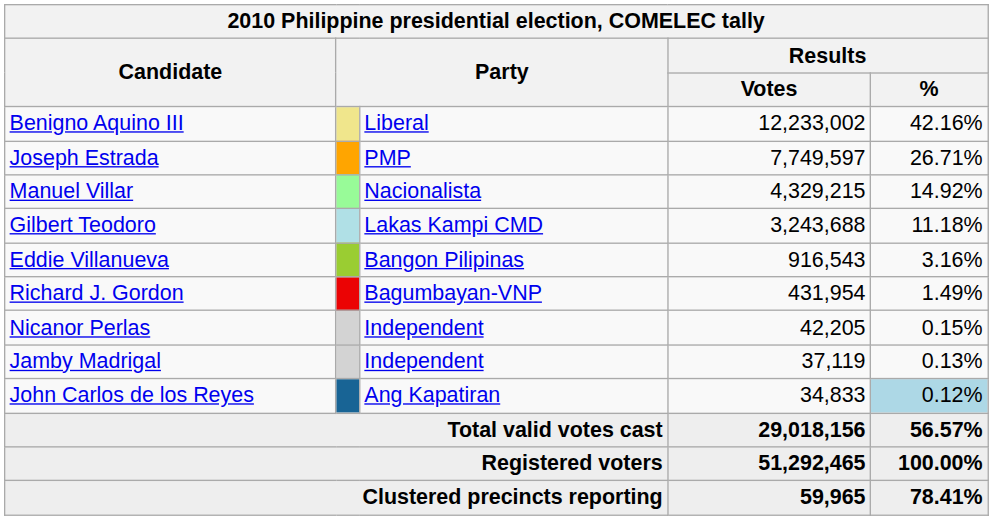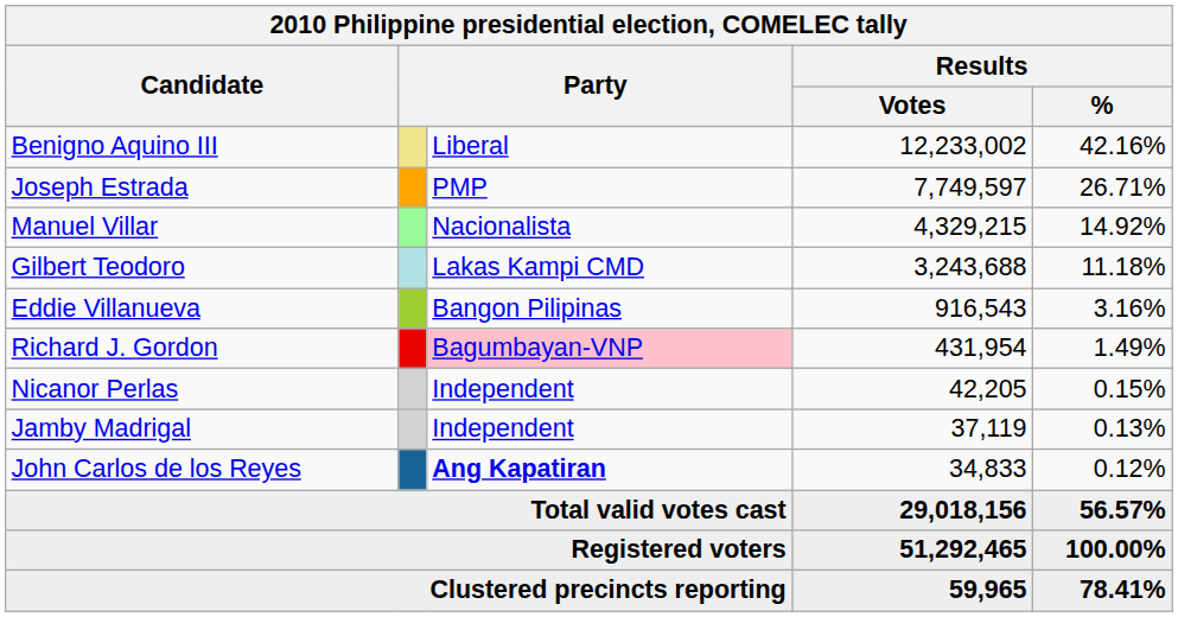 <table class="wikitable">
 <tr>
 <th colspan="5">2010 Philippine presidential election, COMELEC tally</th>
 </tr>
 <tr style="text-align:center;">
 <th rowspan="2" style="width: 15em">Candidate</th>
 <th rowspan="2" colspan="2" style="width: 15em">Party</th>
 <th style="width: 14em" colspan="2">Results</th>
 </tr>
 <tr style="text-align:center;">
 <th style="width: 9em">Votes</th>
 <th style="width: 5em">%</th>
 </tr>
 <tr>
 <td><a href='#'>Benigno Aquino III</a></td>
 <th style="background:khaki; width:3px;"></th>
 <td style="width: 130px"><a href='#'>Liberal</a></td>
 <td style="text-align:right;">12,233,002</td>
 <td style="text-align:right;">42.16%</td>
 </tr>
 <tr>
 <td><a href='#'>Joseph Estrada</a></td>
 <th style="background:orange; width:3px;"></th>
 <td style="width: 130px"><a href='#'>PMP</a></td>
 <td style="text-align:right;">7,749,597</td>
 <td style="text-align:right;">26.71%</td>
 </tr>
 <tr>
 <td><a href='#'>Manuel Villar</a></td>
 <th style="background:#98fb98; width:3px;"></th>
 <td style="width: 130px"><a href='#'>Nacionalista</a></td>
 <td style="text-align:right;">4,329,215</td>
 <td style="text-align:right;">14.92%</td>
 </tr>
 <tr>
 <td><a href='#'>Gilbert Teodoro</a></td>
 <th style="background:#b0e0e6; width:3px;"></th>
 <td style="width: 130px"><a href='#'>Lakas Kampi CMD</a></td>
 <td style="text-align:right;">3,243,688</td>
 <td style="text-align:right;">11.18%</td>
 </tr>
 <tr>
 <td><a href='#'>Eddie Villanueva</a></td>
 <th style="background:#9acd32; width:3px;"></th>
 <td style="width: 130px"><a href='#'>Bangon Pilipinas</a></td>
 <td style="text-align:right;">916,543</td>
 <td style="text-align:right;">3.16%</td>
 </tr>
 <tr>
 <td><a href='#'>Richard J. Gordon</a></td>
 <th style="background:#eb0304; width:3px;"></th>
-<td style="width: 130px"><a href='#'>Bagumbayan-VNP</a></td>
+<td style="background: pink; width: 130px"><a href='#'>Bagumbayan-VNP</a></td>
 <td style="text-align:right;">431,954</td>
 <td style="text-align:right;">1.49%</td>
 </tr>
 <tr>
 <td><a href='#'>Nicanor Perlas</a></td>
 <th style="background:#d3d3d3; width:3px;"></th>
 <td style="width: 130px"><a href='#'>Independent</a></td>
 <td style="text-align:right;">42,205</td>
 <td style="text-align:right;">0.15%</td>
 </tr>
 <tr>
 <td><a href='#'>Jamby Madrigal</a></td>
 <th style="background:#d3d3d3; width:3px;"></th>
 <td style="width: 130px"><a href='#'>Independent</a></td>
 <td style="text-align:right;">37,119</td>
 <td style="text-align:right;">0.13%</td>
 </tr>
 <tr>
 <td><a href='#'>John Carlos de los Reyes</a></td>
 <th style="background:#186495; width:3px;"></th>
-<td style="width: 130px"><a href='#'>Ang Kapatiran</a></td>
+<td style="width: 130px"><strong><a href='#'>Ang Kapatiran</a></strong></td>
 <td style="text-align:right;">34,833</td>
-<td style="background: lightblue; text-align:right;">0.12%</td>
+<td style="text-align:right;">0.12%</td>
 </tr>
 <tr style="background:#eee; text-align:right;">
 <td colspan="3"><strong>Total valid votes cast</strong></td>
 <td><strong>29,018,156</strong></td>
 <td><strong>56.57%</strong></td>
 </tr>
 <tr style="background:#eee; text-align:right;">
 <td colspan="3"><strong>Registered voters</strong></td>
 <td><strong>51,292,465</strong></td>
 <td><strong>100.00%</strong></td>
 </tr>
 <tr style="background:#eee; text-align:right;">
 <td colspan="3"><strong>Clustered precincts reporting</strong></td>
 <td><strong>59,965</strong></td>
 <td><strong>78.41%</strong></td>
 </tr>
 </table>
